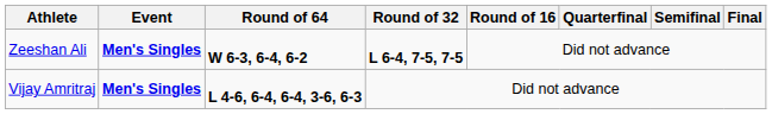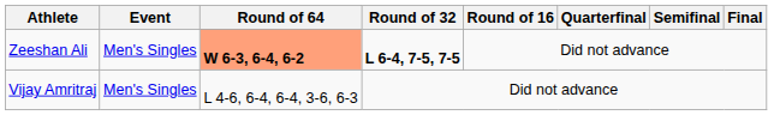 <table class=wikitable style="font-size:90%">
 <tr>
 <th>Athlete</th>
 <th>Event</th>
 <th>Round of 64</th>
 <th>Round of 32</th>
 <th>Round of 16</th>
 <th>Quarterfinal</th>
 <th>Semifinal</th>
 <th>Final</th>
 </tr>
 <tr>
 <td><a href='#'>Zeeshan Ali</a></td>
-<td><strong><a href='#'>Men's Singles</a></strong></td>
-<td> <br> <strong>W 6-3, 6-4, 6-2</strong></td>
+<td><a href='#'>Men's Singles</a></td>
+<td style="background: lightsalmon;"> <br> <strong>W 6-3, 6-4, 6-2</strong></td>
 <td><strong> <br> L 6-4, 7-5, 7-5</strong></td>
 <td align=center colspan=4>Did not advance</td>
 </tr>
 <tr>
 <td><a href='#'>Vijay Amritraj</a></td>
-<td><strong><a href='#'>Men's Singles</a></strong></td>
-<td><strong> <br> L 4-6, 6-4, 6-4, 3-6, 6-3</strong></td>
+<td><a href='#'>Men's Singles</a></td>
+<td> <br> L 4-6, 6-4, 6-4, 3-6, 6-3</td>
 <td align=center colspan=5>Did not advance</td>
 </tr>
 </table>
